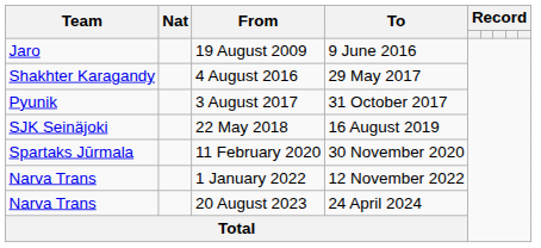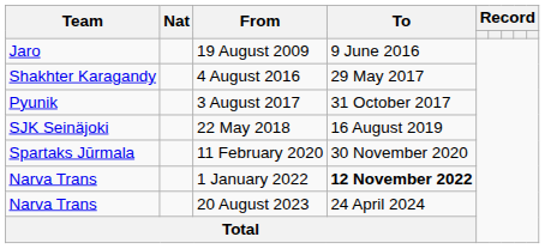 <table class="wikitable" style="text-align: center">
 <tr>
 <th rowspan=2>Team</th>
 <th rowspan=2>Nat</th>
 <th rowspan=2>From</th>
 <th rowspan=2>To</th>
 <th colspan=8>Record</th>
 </tr>
 <tr>
 <th></th>
 <th></th>
 <th></th>
 <th></th>
 <th></th>
 </tr>
 <tr>
 <td align=left><a href='#'>Jaro</a></td>
 <td></td>
 <td align=left>19 August 2009</td>
 <td align=left>9 June 2016<br></td>
 </tr>
 <tr>
 <td align=left><a href='#'>Shakhter Karagandy</a></td>
 <td></td>
 <td align=left>4 August 2016</td>
 <td align=left>29 May 2017<br></td>
 </tr>
 <tr>
 <td align=left><a href='#'>Pyunik</a></td>
 <td></td>
 <td align=left>3 August 2017</td>
 <td align=left>31 October 2017<br></td>
 </tr>
 <tr>
 <td align=left><a href='#'>SJK Seinäjoki</a></td>
 <td></td>
 <td align=left>22 May 2018</td>
 <td align=left>16 August 2019<br></td>
 </tr>
 <tr>
 <td align=left><a href='#'>Spartaks Jūrmala</a></td>
 <td></td>
 <td align=left>11 February 2020</td>
 <td align=left>30 November 2020<br></td>
 </tr>
 <tr>
 <td align=left><a href='#'>Narva Trans</a></td>
 <td></td>
 <td align=left>1 January 2022</td>
-<td align=left>12 November 2022<br></td>
+<td align=left><strong>12 November 2022<br></strong></td>
 </tr>
 <tr>
 <td align=left><a href='#'>Narva Trans</a></td>
 <td></td>
 <td align=left>20 August 2023</td>
 <td align=left>24 April 2024<br></td>
 </tr>
 <tr>
 <th colspan=4>Total<br></th>
 </tr>
 </table>
